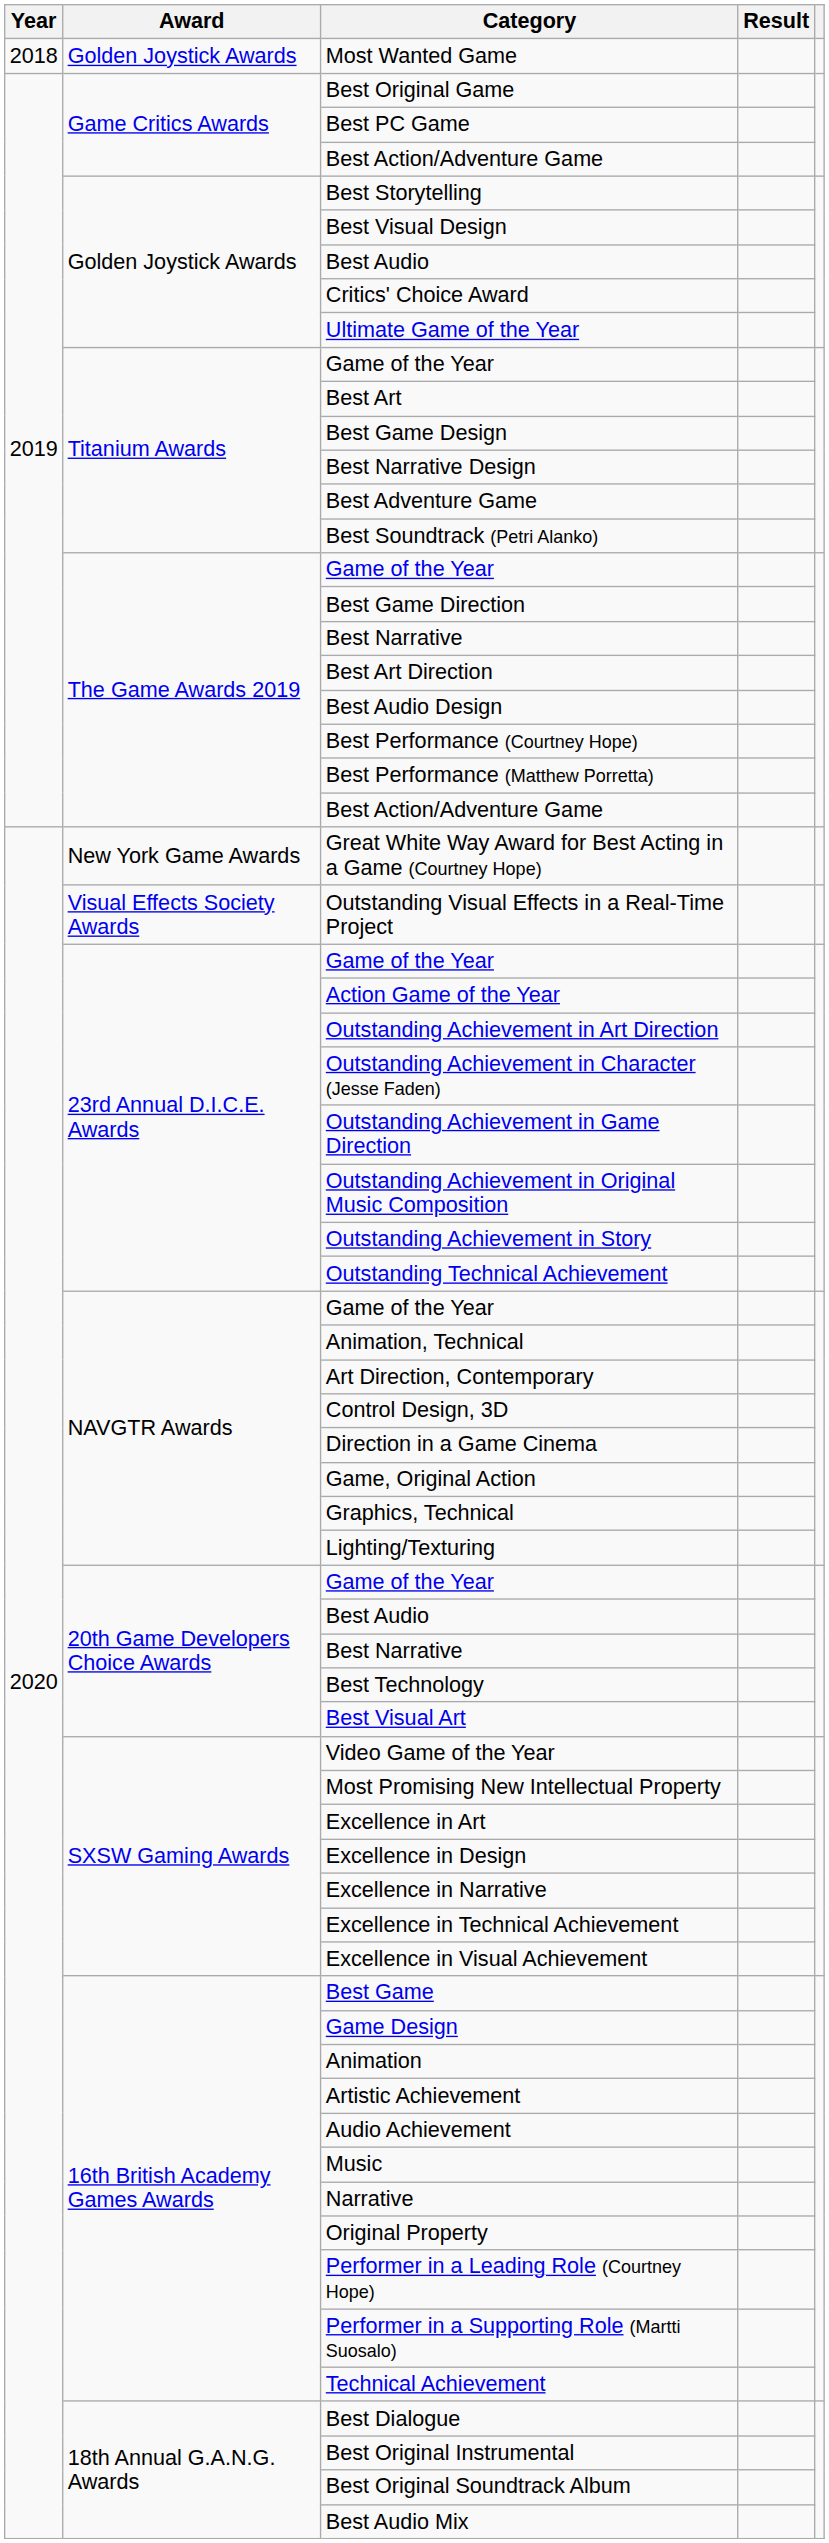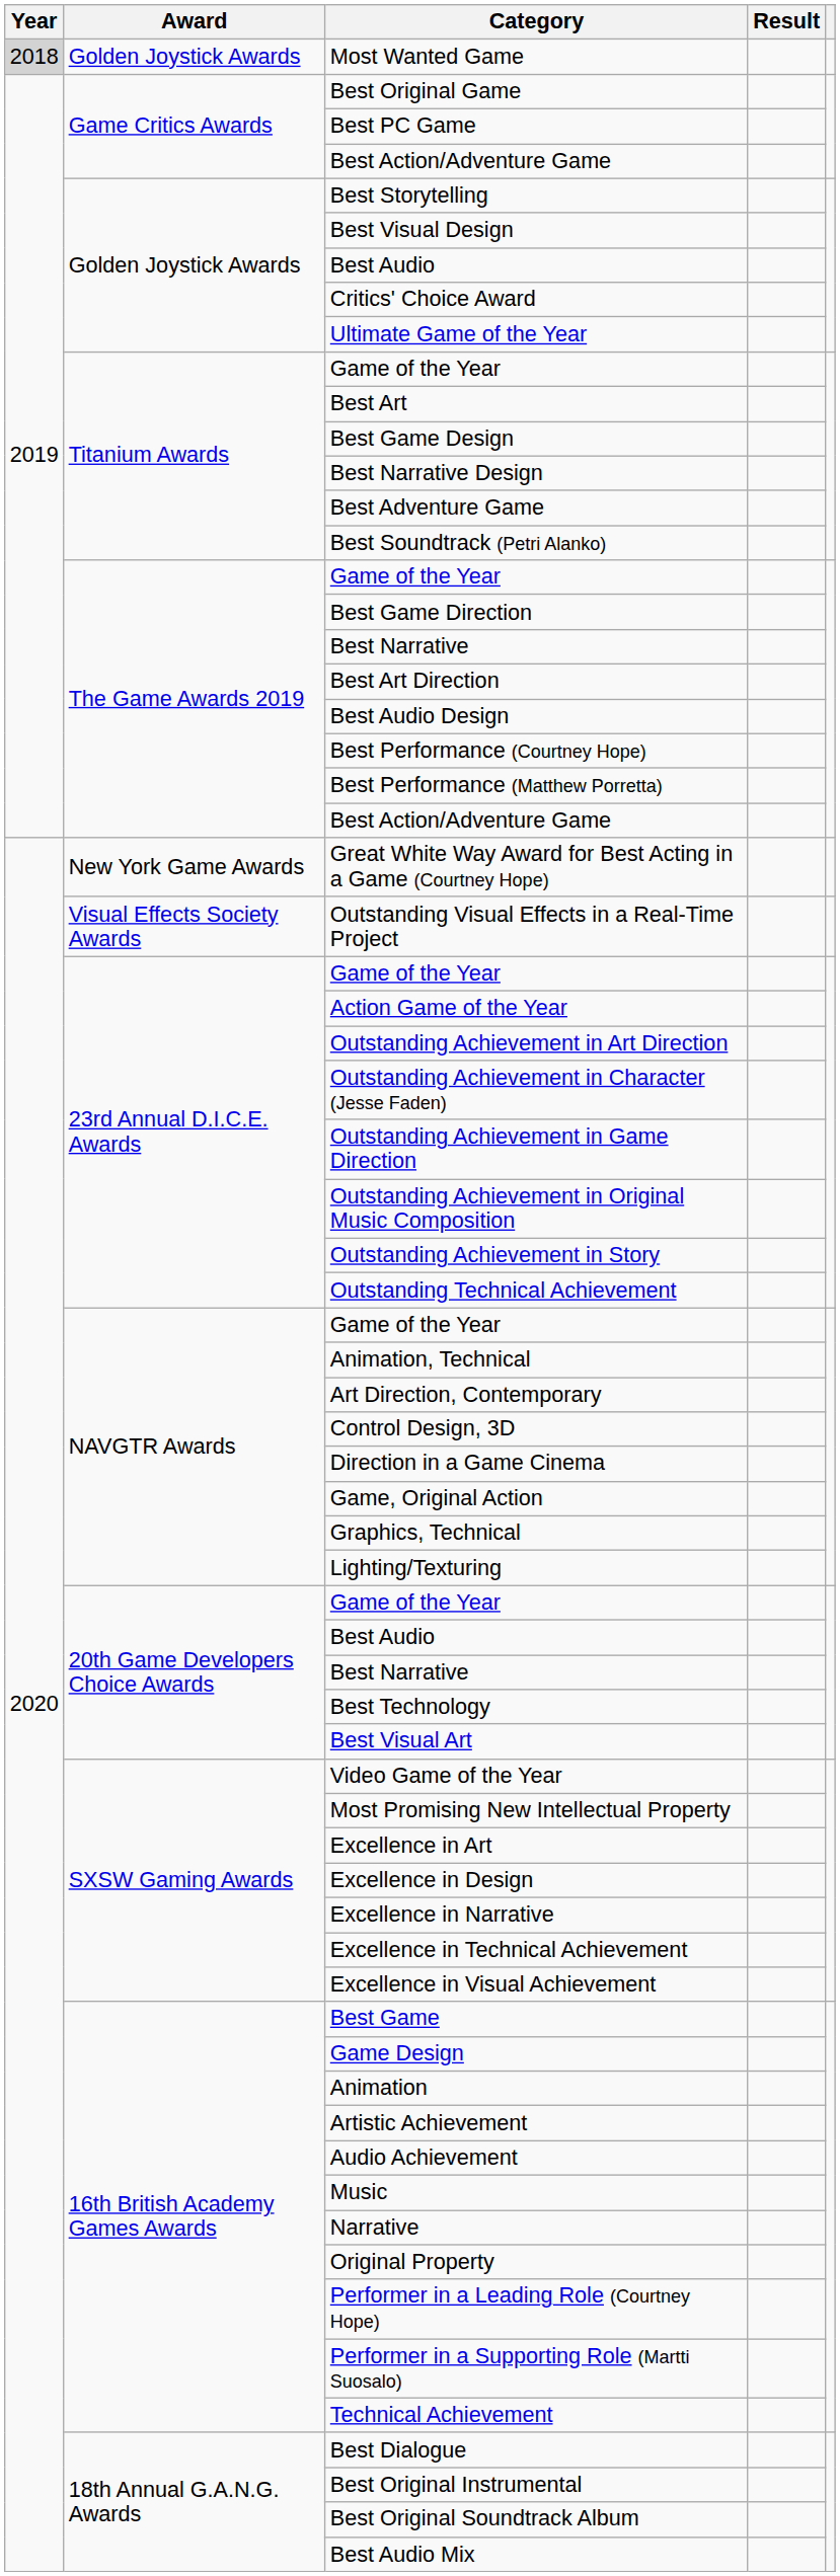 <table class="wikitable sortable">
 <tr>
 <th>Year</th>
 <th>Award</th>
 <th>Category</th>
 <th>Result</th>
 <th></th>
 </tr>
 <tr>
-<td style="text-align:center;" rowspan="1">2018</td>
+<td style="background: lightgrey; text-align:center;" rowspan="1">2018</td>
 <td><a href='#'>Golden Joystick Awards</a></td>
 <td>Most Wanted Game</td>
 <td></td>
 <td style="text-align:center;"></td>
 </tr>
 <tr>
 <td style="text-align:center;" rowspan="22">2019</td>
 <td rowspan="3"><a href='#'>Game Critics Awards</a></td>
 <td>Best Original Game</td>
 <td></td>
 <td rowspan="3" style="text-align:center;"></td>
 </tr>
 <tr>
 <td>Best PC Game</td>
 <td></td>
 </tr>
 <tr>
 <td>Best Action/Adventure Game</td>
 <td></td>
 </tr>
 <tr>
 <td rowspan="5">Golden Joystick Awards</td>
 <td>Best Storytelling</td>
 <td></td>
 <td rowspan="5" style="text-align:center;"></td>
 </tr>
 <tr>
 <td>Best Visual Design</td>
 <td></td>
 </tr>
 <tr>
 <td>Best Audio</td>
 <td></td>
 </tr>
 <tr>
 <td>Critics' Choice Award</td>
 <td></td>
 </tr>
 <tr>
 <td><a href='#'>Ultimate Game of the Year</a></td>
 <td></td>
 </tr>
 <tr>
 <td rowspan="6"><a href='#'>Titanium Awards</a></td>
 <td>Game of the Year</td>
 <td></td>
 <td rowspan="6" style="text-align:center;"></td>
 </tr>
 <tr>
 <td>Best Art</td>
 <td></td>
 </tr>
 <tr>
 <td>Best Game Design</td>
 <td></td>
 </tr>
 <tr>
 <td>Best Narrative Design</td>
 <td></td>
 </tr>
 <tr>
 <td>Best Adventure Game</td>
 <td></td>
 </tr>
 <tr>
 <td>Best Soundtrack <small>(Petri Alanko)</small></td>
 <td></td>
 </tr>
 <tr>
 <td rowspan="8"><a href='#'>The Game Awards 2019</a></td>
 <td><a href='#'>Game of the Year</a></td>
 <td></td>
 <td rowspan="8" style="text-align:center;"></td>
 </tr>
 <tr>
 <td>Best Game Direction</td>
 <td></td>
 </tr>
 <tr>
 <td>Best Narrative</td>
 <td></td>
 </tr>
 <tr>
 <td>Best Art Direction</td>
 <td></td>
 </tr>
 <tr>
 <td>Best Audio Design</td>
 <td></td>
 </tr>
 <tr>
 <td>Best Performance <small>(Courtney Hope)</small></td>
 <td></td>
 </tr>
 <tr>
 <td>Best Performance <small>(Matthew Porretta)</small></td>
 <td></td>
 </tr>
 <tr>
 <td>Best Action/Adventure Game</td>
 <td></td>
 </tr>
 <tr>
 <td style="text-align:center;" rowspan="45">2020</td>
 <td>New York Game Awards</td>
 <td>Great White Way Award for Best Acting in a Game <small>(Courtney Hope)</small></td>
 <td></td>
 <td style="text-align:center;"></td>
 </tr>
 <tr>
 <td><a href='#'>Visual Effects Society Awards</a></td>
 <td>Outstanding Visual Effects in a Real-Time Project</td>
 <td></td>
 <td style="text-align:center;"></td>
 </tr>
 <tr>
 <td rowspan="8"><a href='#'>23rd Annual D.I.C.E. Awards</a></td>
 <td><a href='#'>Game of the Year</a></td>
 <td></td>
 <td rowspan="8" style="text-align:center;"></td>
 </tr>
 <tr>
 <td><a href='#'>Action Game of the Year</a></td>
 <td></td>
 </tr>
 <tr>
 <td><a href='#'>Outstanding Achievement in Art Direction</a></td>
 <td></td>
 </tr>
 <tr>
 <td><a href='#'>Outstanding Achievement in Character</a> <small>(Jesse Faden)</small></td>
 <td></td>
 </tr>
 <tr>
 <td><a href='#'>Outstanding Achievement in Game Direction</a></td>
 <td></td>
 </tr>
 <tr>
 <td><a href='#'>Outstanding Achievement in Original Music Composition</a></td>
 <td></td>
 </tr>
 <tr>
 <td><a href='#'>Outstanding Achievement in Story</a></td>
 <td></td>
 </tr>
 <tr>
 <td><a href='#'>Outstanding Technical Achievement</a></td>
 <td></td>
 </tr>
 <tr>
 <td rowspan="8">NAVGTR Awards</td>
 <td>Game of the Year</td>
 <td></td>
 <td rowspan="8" style="text-align:center;"></td>
 </tr>
 <tr>
 <td>Animation, Technical</td>
 <td></td>
 </tr>
 <tr>
 <td>Art Direction, Contemporary</td>
 <td></td>
 </tr>
 <tr>
 <td>Control Design, 3D</td>
 <td></td>
 </tr>
 <tr>
 <td>Direction in a Game Cinema</td>
 <td></td>
 </tr>
 <tr>
 <td>Game, Original Action</td>
 <td></td>
 </tr>
 <tr>
 <td>Graphics, Technical</td>
 <td></td>
 </tr>
 <tr>
 <td>Lighting/Texturing</td>
 <td></td>
 </tr>
 <tr>
 <td rowspan="5"><a href='#'>20th Game Developers Choice Awards</a></td>
 <td><a href='#'>Game of the Year</a></td>
 <td></td>
 <td rowspan="5" style="text-align:center;"></td>
 </tr>
 <tr>
 <td>Best Audio</td>
 <td></td>
 </tr>
 <tr>
 <td>Best Narrative</td>
 <td></td>
 </tr>
 <tr>
 <td>Best Technology</td>
 <td></td>
 </tr>
 <tr>
 <td><a href='#'>Best Visual Art</a></td>
 <td></td>
 </tr>
 <tr>
 <td rowspan="7"><a href='#'>SXSW Gaming Awards</a></td>
 <td>Video Game of the Year</td>
 <td></td>
 <td rowspan="7" style="text-align:center;"></td>
 </tr>
 <tr>
 <td>Most Promising New Intellectual Property</td>
 <td></td>
 </tr>
 <tr>
 <td>Excellence in Art</td>
 <td></td>
 </tr>
 <tr>
 <td>Excellence in Design</td>
 <td></td>
 </tr>
 <tr>
 <td>Excellence in Narrative</td>
 <td></td>
 </tr>
 <tr>
 <td>Excellence in Technical Achievement</td>
 <td></td>
 </tr>
 <tr>
 <td>Excellence in Visual Achievement</td>
 <td></td>
 </tr>
 <tr>
 <td rowspan="11"><a href='#'>16th British Academy Games Awards</a></td>
 <td><a href='#'>Best Game</a></td>
 <td></td>
 <td rowspan="11" style="text-align:center;"></td>
 </tr>
 <tr>
 <td><a href='#'>Game Design</a></td>
 <td></td>
 </tr>
 <tr>
 <td>Animation</td>
 <td></td>
 </tr>
 <tr>
 <td>Artistic Achievement</td>
 <td></td>
 </tr>
 <tr>
 <td>Audio Achievement</td>
 <td></td>
 </tr>
 <tr>
 <td>Music</td>
 <td></td>
 </tr>
 <tr>
 <td>Narrative</td>
 <td></td>
 </tr>
 <tr>
 <td>Original Property</td>
 <td></td>
 </tr>
 <tr>
 <td><a href='#'>Performer in a Leading Role</a> <small>(Courtney Hope)</small></td>
 <td></td>
 </tr>
 <tr>
 <td><a href='#'>Performer in a Supporting Role</a> <small>(Martti Suosalo)</small></td>
 <td></td>
 </tr>
 <tr>
 <td><a href='#'>Technical Achievement</a></td>
 <td></td>
 </tr>
 <tr>
 <td rowspan="4">18th Annual G.A.N.G. Awards</td>
 <td>Best Dialogue</td>
 <td></td>
 <td rowspan="4" style="text-align:center;"></td>
 </tr>
 <tr>
 <td>Best Original Instrumental</td>
 <td></td>
 </tr>
 <tr>
 <td>Best Original Soundtrack Album</td>
 <td></td>
 </tr>
 <tr>
 <td>Best Audio Mix</td>
 <td></td>
 </tr>
 </table>
